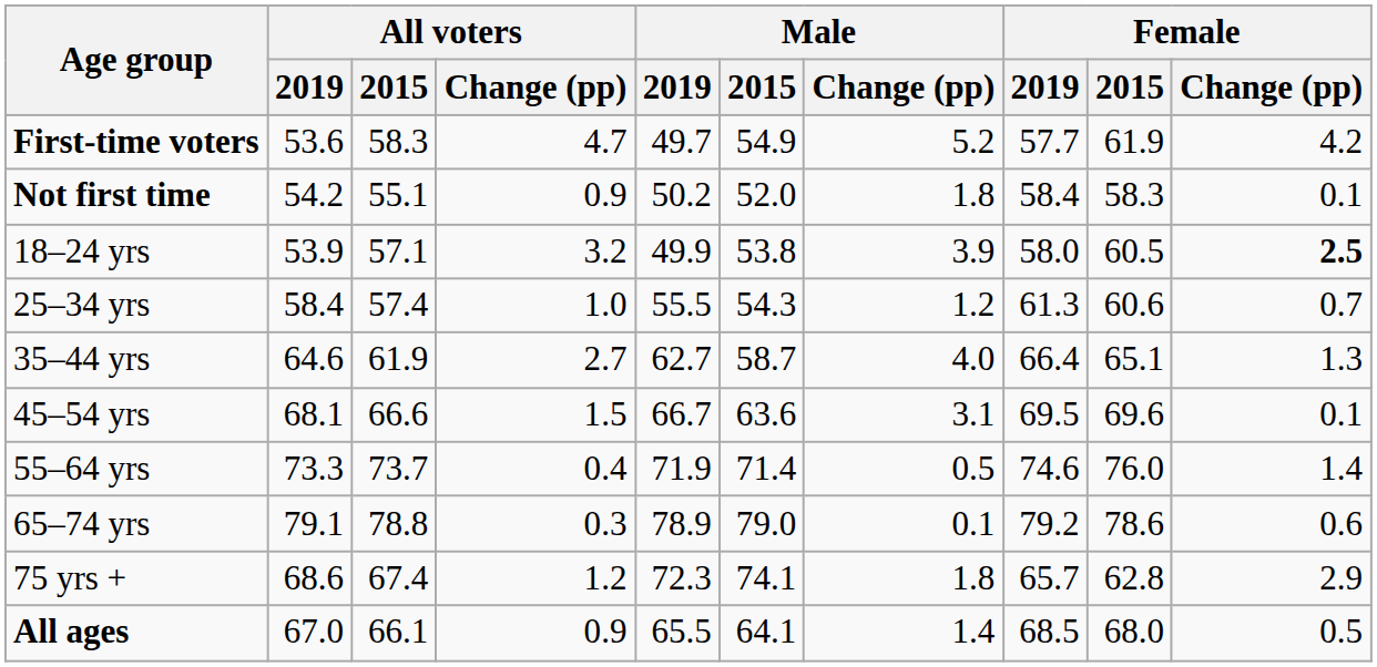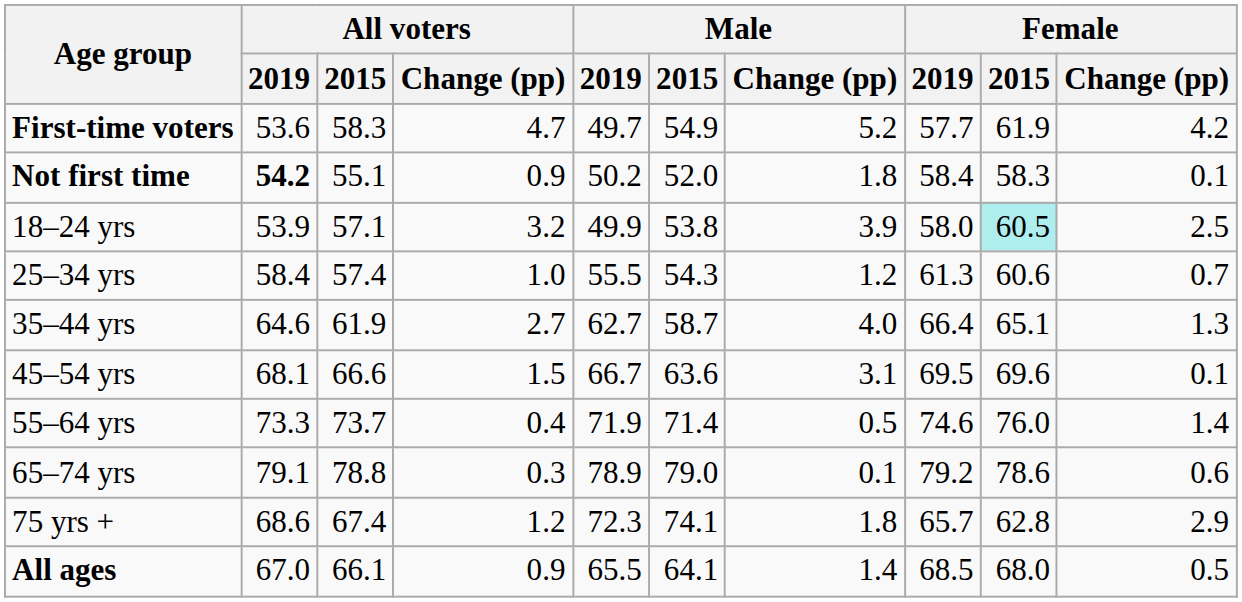 <table class="wikitable" style="text-align:right;">
 <tr>
 <th rowspan="2">Age group</th>
 <th colspan="3">All voters</th>
 <th colspan="3">Male</th>
 <th colspan="3">Female</th>
 </tr>
 <tr>
 <th>2019</th>
 <th>2015</th>
 <th>Change (pp)</th>
 <th>2019</th>
 <th>2015</th>
 <th>Change (pp)</th>
 <th>2019</th>
 <th>2015</th>
 <th>Change (pp)</th>
 </tr>
 <tr>
 <td style="text-align:left;"><strong>First-time voters</strong></td>
 <td>53.6</td>
 <td>58.3</td>
 <td>4.7</td>
 <td>49.7</td>
 <td>54.9</td>
 <td>5.2</td>
 <td>57.7</td>
 <td>61.9</td>
 <td>4.2</td>
 </tr>
 <tr>
 <td style="text-align:left;"><strong>Not first time</strong></td>
-<td>54.2</td>
+<td><strong>54.2</strong></td>
 <td>55.1</td>
 <td>0.9</td>
 <td>50.2</td>
 <td>52.0</td>
 <td>1.8</td>
 <td>58.4</td>
 <td>58.3</td>
 <td>0.1</td>
 </tr>
 <tr>
 <td style="text-align:left;">18–24 yrs</td>
 <td>53.9</td>
 <td>57.1</td>
 <td>3.2</td>
 <td>49.9</td>
 <td>53.8</td>
 <td>3.9</td>
 <td>58.0</td>
-<td>60.5</td>
-<td><strong>2.5</strong></td>
+<td style="background: paleturquoise;">60.5</td>
+<td>2.5</td>
 </tr>
 <tr>
 <td style="text-align:left;">25–34 yrs</td>
 <td>58.4</td>
 <td>57.4</td>
 <td>1.0</td>
 <td>55.5</td>
 <td>54.3</td>
 <td>1.2</td>
 <td>61.3</td>
 <td>60.6</td>
 <td>0.7</td>
 </tr>
 <tr>
 <td style="text-align:left;">35–44 yrs</td>
 <td>64.6</td>
 <td>61.9</td>
 <td>2.7</td>
 <td>62.7</td>
 <td>58.7</td>
 <td>4.0</td>
 <td>66.4</td>
 <td>65.1</td>
 <td>1.3</td>
 </tr>
 <tr>
 <td style="text-align:left;">45–54 yrs</td>
 <td>68.1</td>
 <td>66.6</td>
 <td>1.5</td>
 <td>66.7</td>
 <td>63.6</td>
 <td>3.1</td>
 <td>69.5</td>
 <td>69.6</td>
 <td>0.1</td>
 </tr>
 <tr>
 <td style="text-align:left;">55–64 yrs</td>
 <td>73.3</td>
 <td>73.7</td>
 <td>0.4</td>
 <td>71.9</td>
 <td>71.4</td>
 <td>0.5</td>
 <td>74.6</td>
 <td>76.0</td>
 <td>1.4</td>
 </tr>
 <tr>
 <td style="text-align:left;">65–74 yrs</td>
 <td>79.1</td>
 <td>78.8</td>
 <td>0.3</td>
 <td>78.9</td>
 <td>79.0</td>
 <td>0.1</td>
 <td>79.2</td>
 <td>78.6</td>
 <td>0.6</td>
 </tr>
 <tr>
 <td style="text-align:left;">75 yrs +</td>
 <td>68.6</td>
 <td>67.4</td>
 <td>1.2</td>
 <td>72.3</td>
 <td>74.1</td>
 <td>1.8</td>
 <td>65.7</td>
 <td>62.8</td>
 <td>2.9</td>
 </tr>
 <tr>
 <td style="text-align:left;"><strong>All ages</strong></td>
 <td>67.0</td>
 <td>66.1</td>
 <td>0.9</td>
 <td>65.5</td>
 <td>64.1</td>
 <td>1.4</td>
 <td>68.5</td>
 <td>68.0</td>
 <td>0.5</td>
 </tr>
 </table>
